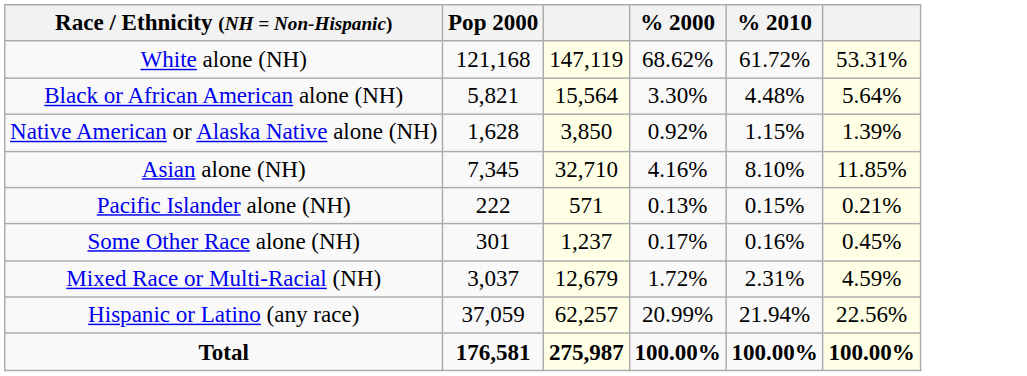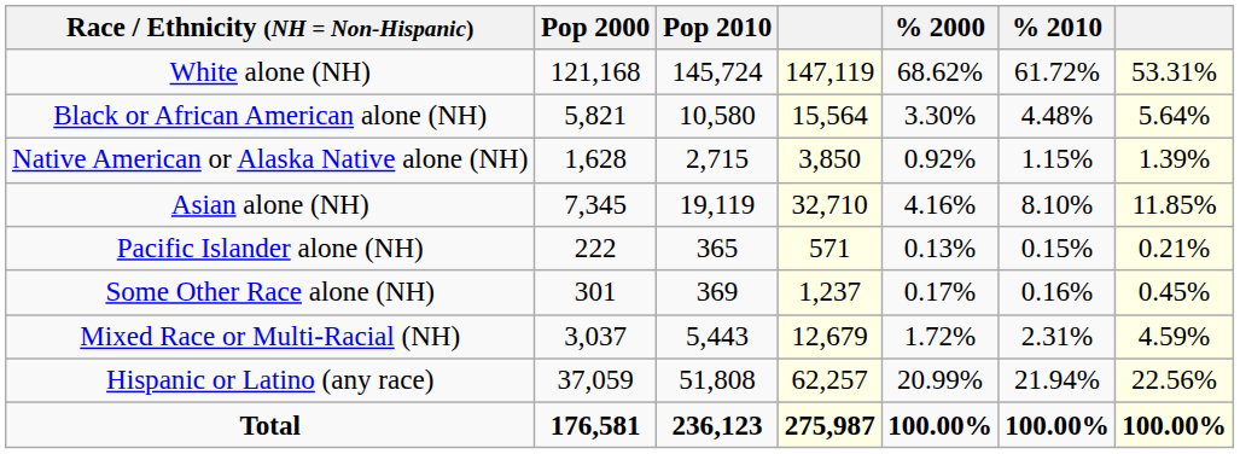 <table class="wikitable" style="text-align:center;">
 <tr>
 <th>Race / Ethnicity <small>(<em>NH = Non-Hispanic</em>)</small></th>
 <th>Pop 2000</th>
+<th>Pop 2010</th>
 <th></th>
 <th>% 2000</th>
 <th>% 2010</th>
 <th></th>
 </tr>
 <tr>
 <td><a href='#'>White</a> alone (NH)</td>
 <td>121,168</td>
+<td>145,724</td>
 <td style='background: #ffffe6;'>147,119</td>
 <td>68.62%</td>
 <td>61.72%</td>
 <td style='background: #ffffe6;'>53.31%</td>
 </tr>
 <tr>
 <td><a href='#'>Black or African American</a> alone (NH)</td>
 <td>5,821</td>
+<td>10,580</td>
 <td style='background: #ffffe6;'>15,564</td>
 <td>3.30%</td>
 <td>4.48%</td>
 <td style='background: #ffffe6;'>5.64%</td>
 </tr>
 <tr>
 <td><a href='#'>Native American</a> or <a href='#'>Alaska Native</a> alone (NH)</td>
 <td>1,628</td>
+<td>2,715</td>
 <td style='background: #ffffe6;'>3,850</td>
 <td>0.92%</td>
 <td>1.15%</td>
 <td style='background: #ffffe6;'>1.39%</td>
 </tr>
 <tr>
 <td><a href='#'>Asian</a> alone (NH)</td>
 <td>7,345</td>
+<td>19,119</td>
 <td style='background: #ffffe6;'>32,710</td>
 <td>4.16%</td>
 <td>8.10%</td>
 <td style='background: #ffffe6;'>11.85%</td>
 </tr>
 <tr>
 <td><a href='#'>Pacific Islander</a> alone (NH)</td>
 <td>222</td>
+<td>365</td>
 <td style='background: #ffffe6;'>571</td>
 <td>0.13%</td>
 <td>0.15%</td>
 <td style='background: #ffffe6;'>0.21%</td>
 </tr>
 <tr>
 <td><a href='#'>Some Other Race</a> alone (NH)</td>
 <td>301</td>
+<td>369</td>
 <td style='background: #ffffe6;'>1,237</td>
 <td>0.17%</td>
 <td>0.16%</td>
 <td style='background: #ffffe6;'>0.45%</td>
 </tr>
 <tr>
 <td><a href='#'>Mixed Race or Multi-Racial</a> (NH)</td>
 <td>3,037</td>
+<td>5,443</td>
 <td style='background: #ffffe6;'>12,679</td>
 <td>1.72%</td>
 <td>2.31%</td>
 <td style='background: #ffffe6;'>4.59%</td>
 </tr>
 <tr>
 <td><a href='#'>Hispanic or Latino</a> (any race)</td>
 <td>37,059</td>
+<td>51,808</td>
 <td style='background: #ffffe6;'>62,257</td>
 <td>20.99%</td>
 <td>21.94%</td>
 <td style='background: #ffffe6;'>22.56%</td>
 </tr>
 <tr>
 <td><strong>Total</strong></td>
 <td><strong>176,581</strong></td>
+<td><strong>236,123</strong></td>
 <td style='background: #ffffe6;'><strong>275,987</strong></td>
 <td><strong>100.00%</strong></td>
 <td><strong>100.00%</strong></td>
 <td style='background: #ffffe6;'><strong>100.00%</strong></td>
 </tr>
 </table>
